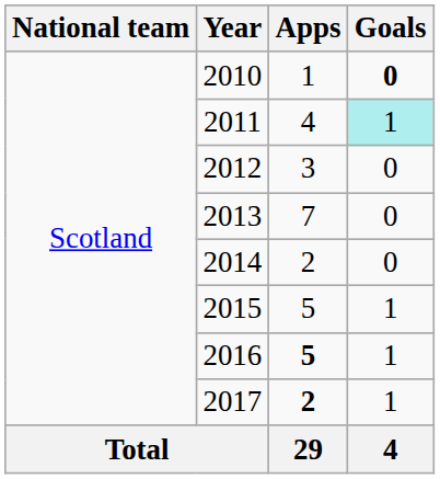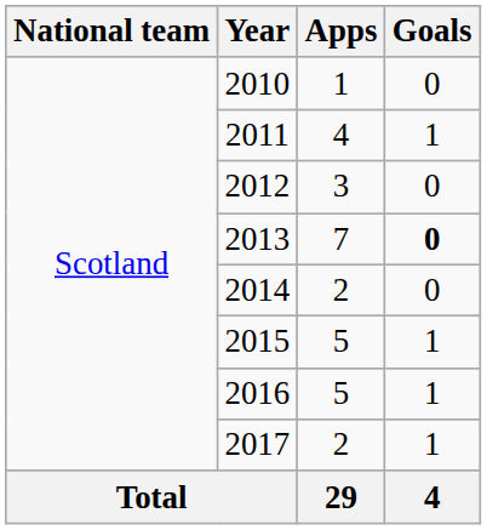 <table class="wikitable" style="font-size:100%; text-align: center">
 <tr>
 <th>National team</th>
 <th>Year</th>
 <th>Apps</th>
 <th>Goals</th>
 </tr>
 <tr>
 <td rowspan="8"><a href='#'>Scotland</a></td>
 <td>2010</td>
 <td>1</td>
-<td><strong>0</strong></td>
+<td>0</td>
 </tr>
 <tr>
 <td>2011</td>
 <td>4</td>
-<td style="background: paleturquoise;">1</td>
+<td>1</td>
 </tr>
 <tr>
 <td>2012</td>
 <td>3</td>
 <td>0</td>
 </tr>
 <tr>
 <td>2013</td>
 <td>7</td>
-<td>0</td>
+<td><strong>0</strong></td>
 </tr>
 <tr>
 <td>2014</td>
 <td>2</td>
 <td>0</td>
 </tr>
 <tr>
 <td>2015</td>
 <td>5</td>
 <td>1</td>
 </tr>
 <tr>
 <td>2016</td>
-<td><strong>5</strong></td>
+<td>5</td>
 <td>1</td>
 </tr>
 <tr>
 <td>2017</td>
-<td><strong>2</strong></td>
+<td>2</td>
 <td>1</td>
 </tr>
 <tr>
 <th colspan=2>Total</th>
 <th>29</th>
 <th>4</th>
 </tr>
 </table>
